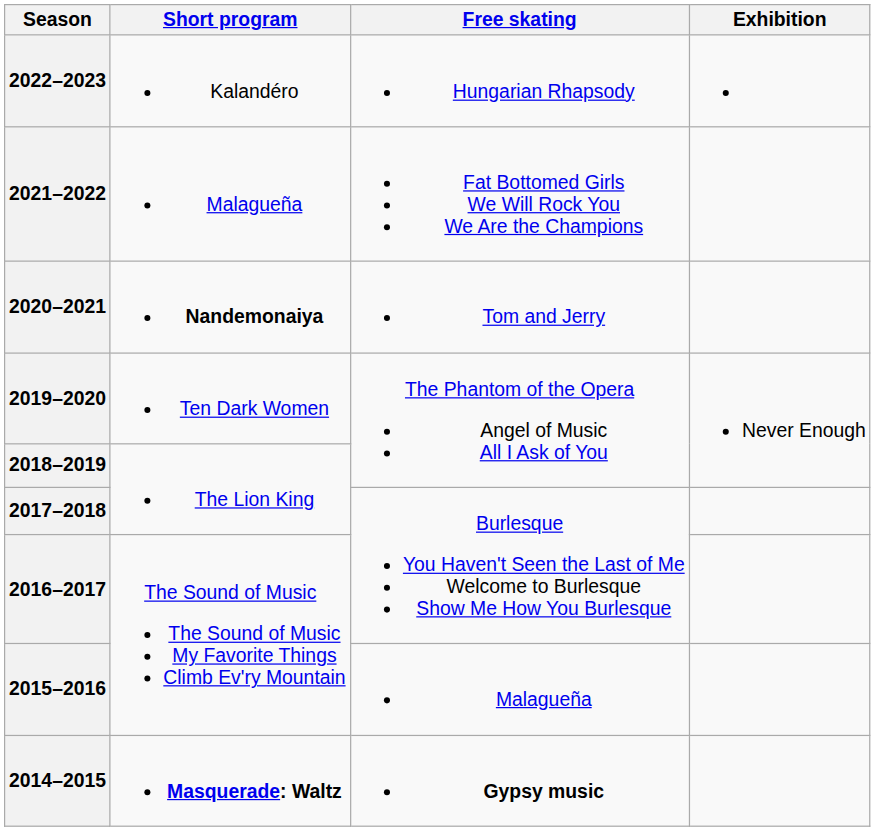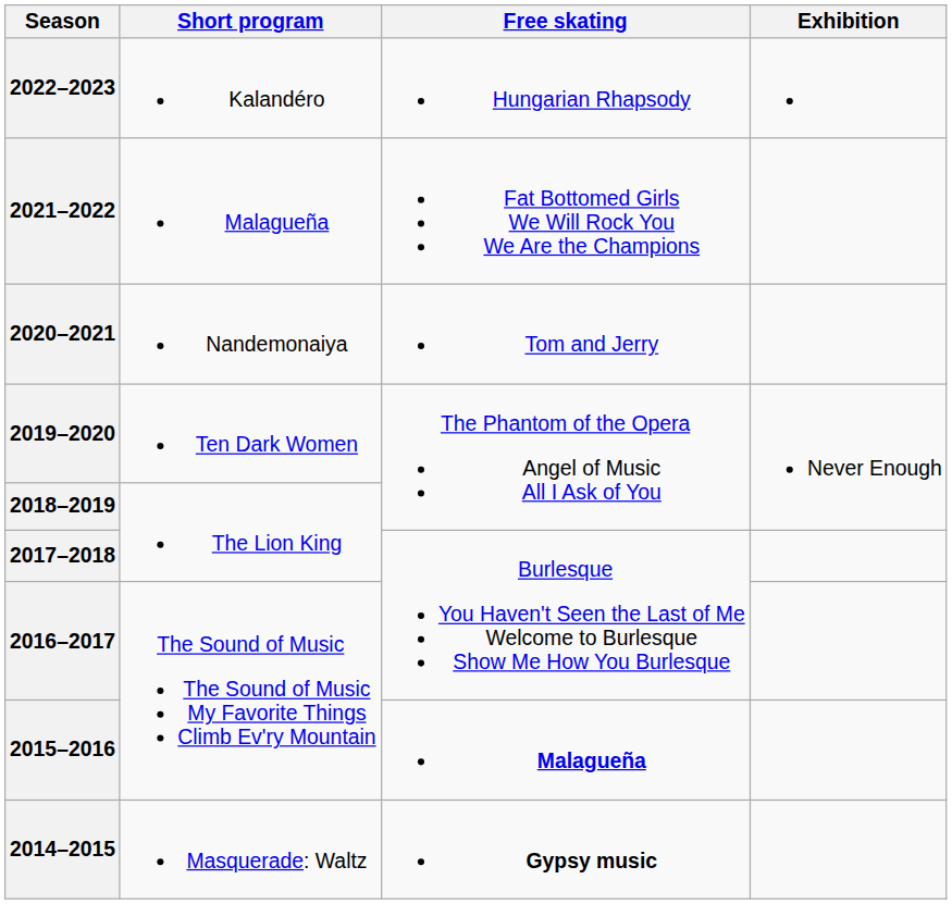 <table class=wikitable style=text-align:center>
 <tr>
 <th>Season</th>
 <th><a href='#'>Short program</a></th>
 <th><a href='#'>Free skating</a></th>
 <th>Exhibition</th>
 </tr>
 <tr>
 <th>2022–2023 <br> </th>
 <td><br><ul><li>Kalandéro<br></li></ul></td>
 <td><br><ul><li><a href='#'>Hungarian Rhapsody</a><br></li></ul></td>
 <td><br><ul><li></li></ul></td>
 </tr>
 <tr>
 <th>2021–2022 <br> </th>
 <td><br><ul><li><a href='#'>Malagueña</a> <br></li></ul></td>
 <td><br><ul><li><a href='#'>Fat Bottomed Girls</a></li><li><a href='#'>We Will Rock You</a></li><li><a href='#'>We Are the Champions</a> <br> </li></ul></td>
 </tr>
 <tr>
 <th>2020–2021<br> </th>
-<td><strong><br><ul><li>Nandemonaiya<br></li></ul></strong></td>
+<td><br><ul><li>Nandemonaiya<br></li></ul></td>
 <td><br><ul><li><a href='#'>Tom and Jerry</a><br></li></ul></td>
 <td></td>
 </tr>
 <tr>
 <th>2019–2020 <br> </th>
 <td><br><ul><li><a href='#'>Ten Dark Women</a> <br></li></ul></td>
 <td rowspan=2><br><a href='#'>The Phantom of the Opera</a><ul><li>Angel of Music <br> </li><li><a href='#'>All I Ask of You</a> <br> </li></ul></td>
 <td rowspan=2><br><ul><li>Never Enough <br></li></ul></td>
 </tr>
 <tr>
 <th>2018–2019 <br> </th>
 <td rowspan=2><br><ul><li><a href='#'>The Lion King</a> <br></li></ul></td>
 </tr>
 <tr>
 <th>2017–2018 <br> </th>
 <td rowspan=2><br><a href='#'>Burlesque</a><ul><li><a href='#'>You Haven't Seen the Last of Me</a> <br></li><li>Welcome to Burlesque <br></li><li><a href='#'>Show Me How You Burlesque</a> <br></li></ul></td>
 <td></td>
 </tr>
 <tr>
 <th>2016–2017</th>
 <td rowspan=2><br><a href='#'>The Sound of Music</a><ul><li><a href='#'>The Sound of Music</a></li><li><a href='#'>My Favorite Things</a></li><li><a href='#'>Climb Ev'ry Mountain</a> <br> </li></ul></td>
 <td></td>
 </tr>
 <tr>
 <th>2015–2016</th>
-<td><br><ul><li><a href='#'>Malagueña</a> <br> </li></ul></td>
+<td><strong><br><ul><li><a href='#'>Malagueña</a> <br> </li></ul></strong></td>
 <td></td>
 </tr>
 <tr>
 <th>2014–2015 <br> </th>
-<td><strong><br><ul><li><a href='#'>Masquerade</a>: Waltz <br></li></ul></strong></td>
+<td><br><ul><li><a href='#'>Masquerade</a>: Waltz <br></li></ul></td>
 <td><strong><br><ul><li>Gypsy music <br></li></ul></strong></td>
 <td></td>
 </tr>
 </table>
